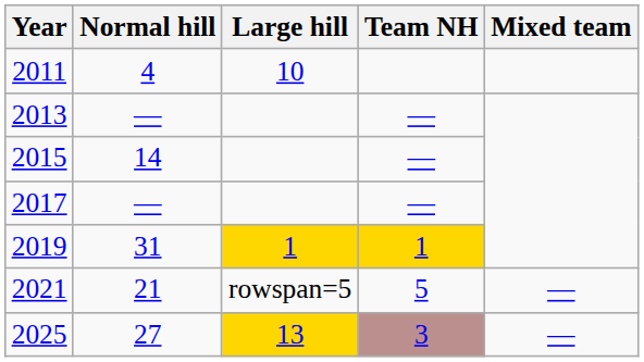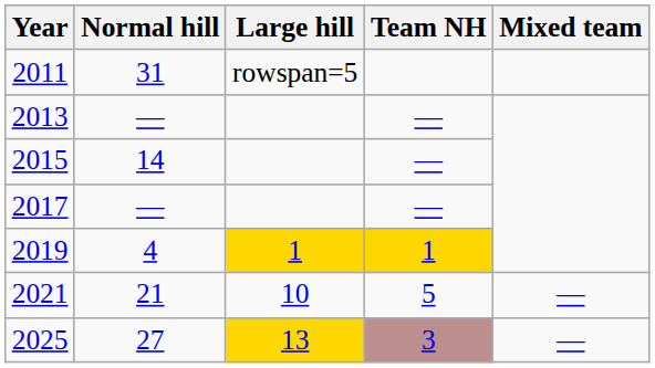 <table class="wikitable" "text-align:center;">
 <tr>
 <th>Year</th>
 <th>Normal hill</th>
 <th>Large hill</th>
 <th>Team NH</th>
 <th>Mixed team</th>
 </tr>
 <tr align=center>
 <td><a href='#'>2011</a></td>
-<td><a href='#'>4</a></td>
-<td><a href='#'>10</a></td>
+<td><a href='#'>31</a></td>
+<td>rowspan=5 </td>
 <td></td>
 <td></td>
 </tr>
 <tr align=center>
 <td><a href='#'>2013</a></td>
 <td><a href='#'>—</a></td>
 <td></td>
 <td><a href='#'>—</a></td>
 </tr>
 <tr align=center>
 <td><a href='#'>2015</a></td>
 <td><a href='#'>14</a></td>
 <td></td>
 <td><a href='#'>—</a></td>
 </tr>
 <tr align=center>
 <td><a href='#'>2017</a></td>
 <td><a href='#'>—</a></td>
 <td></td>
 <td><a href='#'>—</a></td>
 </tr>
 <tr align=center>
 <td><a href='#'>2019</a></td>
-<td><a href='#'>31</a></td>
+<td><a href='#'>4</a></td>
 <td bgcolor=gold><a href='#'>1</a></td>
 <td bgcolor=gold><a href='#'>1</a></td>
 </tr>
 <tr align=center>
 <td><a href='#'>2021</a></td>
 <td><a href='#'>21</a></td>
-<td>rowspan=5 </td>
+<td><a href='#'>10</a></td>
 <td><a href='#'>5</a></td>
 <td><a href='#'>—</a></td>
 </tr>
 <tr align=center>
 <td><a href='#'>2025</a></td>
 <td><a href='#'>27</a></td>
 <td style="background: gold;"><a href='#'>13</a></td>
 <td bgcolor=#BC8F8F><a href='#'>3</a></td>
 <td><a href='#'>—</a></td>
 </tr>
 </table>
